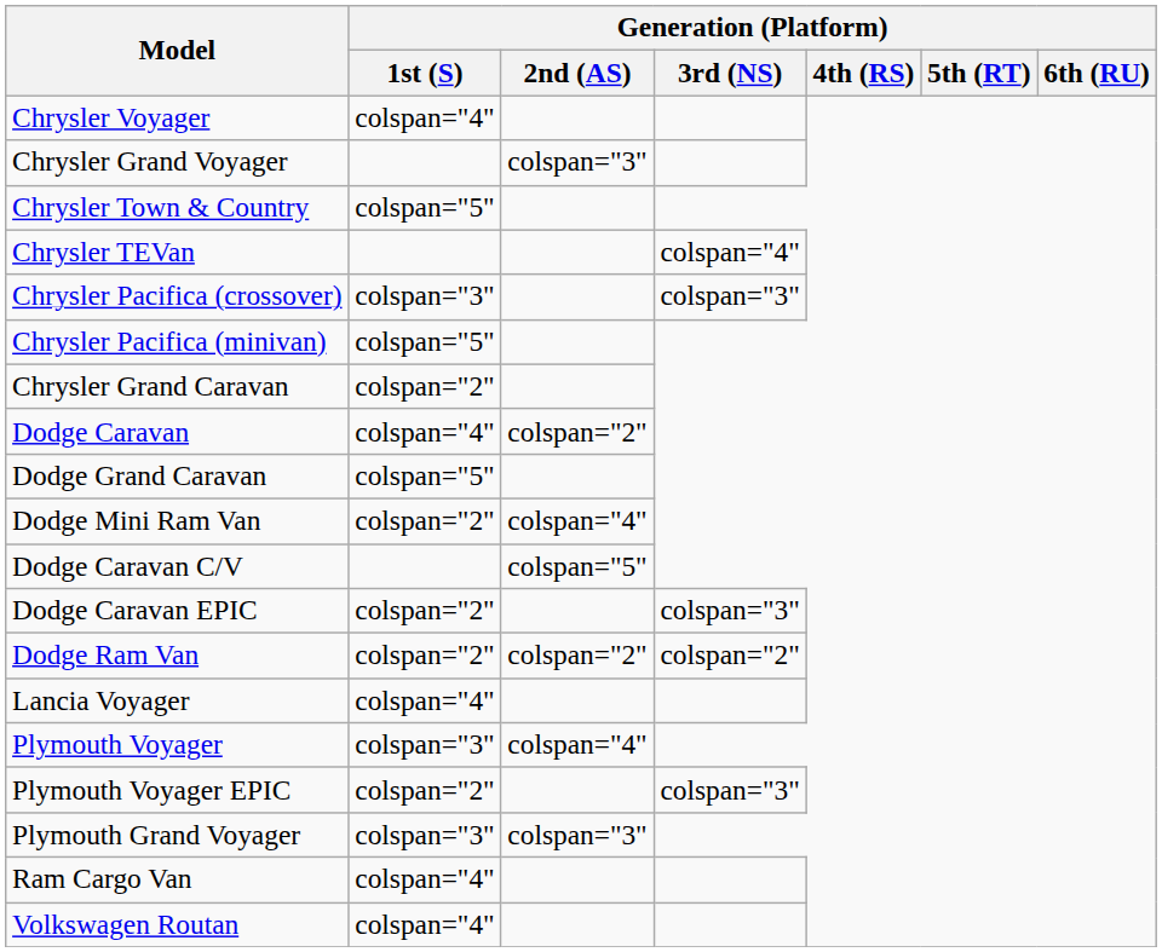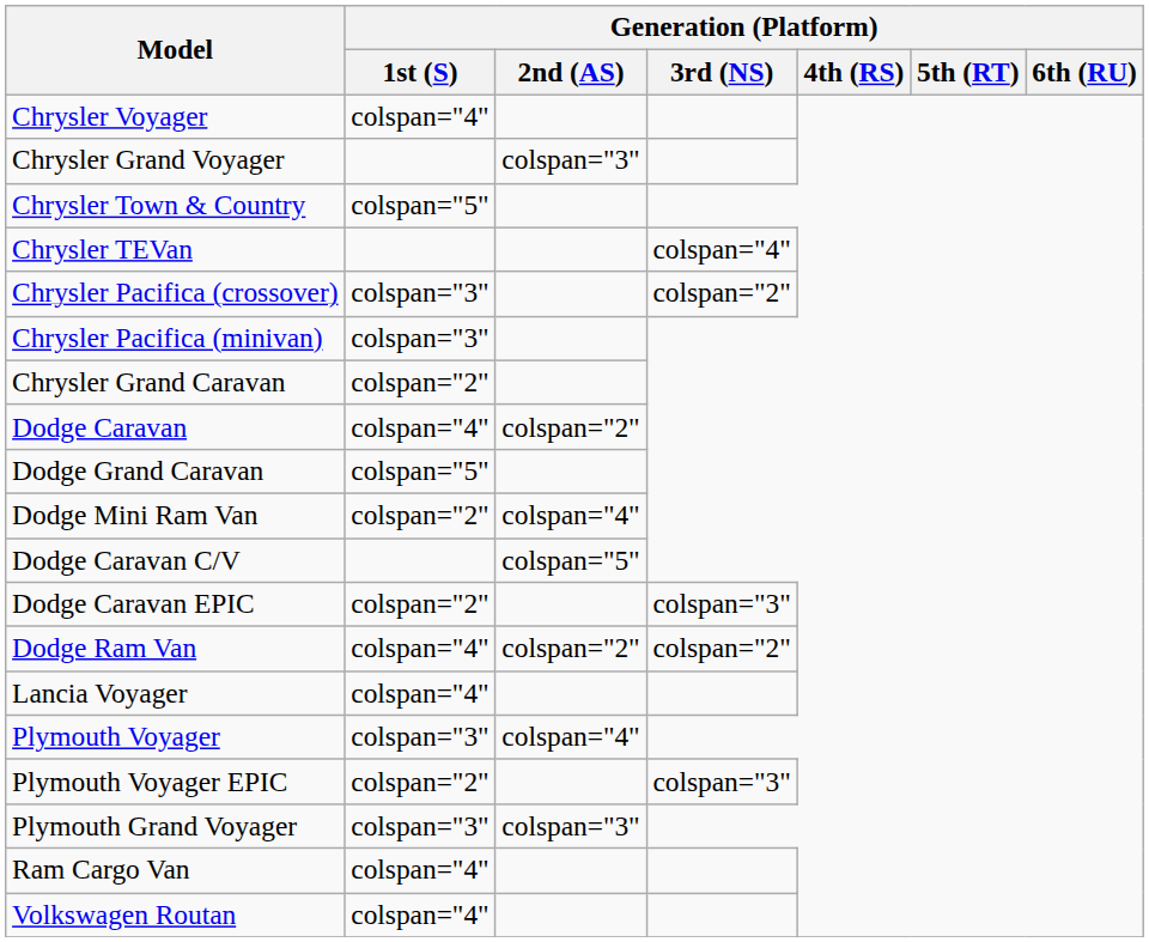 <table class="wikitable sortable">
 <tr>
 <th rowspan="2">Model</th>
 <th colspan="6">Generation (Platform)</th>
 </tr>
 <tr>
 <th>1st (<a href='#'>S</a>)</th>
 <th>2nd (<a href='#'>AS</a>)</th>
 <th>3rd (<a href='#'>NS</a>)</th>
 <th>4th (<a href='#'>RS</a>)</th>
 <th>5th (<a href='#'>RT</a>)</th>
 <th>6th (<a href='#'>RU</a>)</th>
 </tr>
 <tr>
 <td><a href='#'>Chrysler Voyager</a></td>
 <td>colspan="4" </td>
 <td></td>
 <td></td>
 </tr>
 <tr>
 <td>Chrysler Grand Voyager</td>
 <td></td>
 <td>colspan="3" </td>
 <td></td>
 </tr>
 <tr>
 <td><a href='#'>Chrysler Town & Country</a></td>
 <td>colspan="5" </td>
 <td></td>
 </tr>
 <tr>
 <td><a href='#'>Chrysler TEVan</a></td>
 <td></td>
 <td></td>
 <td>colspan="4" </td>
 </tr>
 <tr>
 <td><a href='#'>Chrysler Pacifica (crossover)</a></td>
 <td>colspan="3" </td>
 <td></td>
-<td>colspan="3" </td>
+<td>colspan="2" </td>
 </tr>
 <tr>
 <td><a href='#'>Chrysler Pacifica (minivan)</a></td>
-<td>colspan="5" </td>
+<td>colspan="3" </td>
 <td></td>
 </tr>
 <tr>
 <td>Chrysler Grand Caravan</td>
 <td>colspan="2" </td>
 <td></td>
 </tr>
 <tr>
 <td><a href='#'>Dodge Caravan</a></td>
 <td>colspan="4" </td>
 <td>colspan="2" </td>
 </tr>
 <tr>
 <td>Dodge Grand Caravan</td>
 <td>colspan="5" </td>
 <td></td>
 </tr>
 <tr>
 <td>Dodge Mini Ram Van</td>
 <td>colspan="2" </td>
 <td>colspan="4" </td>
 </tr>
 <tr>
 <td>Dodge Caravan C/V</td>
 <td></td>
 <td>colspan="5" </td>
 </tr>
 <tr>
 <td>Dodge Caravan EPIC</td>
 <td>colspan="2" </td>
 <td></td>
 <td>colspan="3" </td>
 </tr>
 <tr>
 <td><a href='#'>Dodge Ram Van</a></td>
-<td>colspan="2" </td>
+<td>colspan="4" </td>
 <td>colspan="2" </td>
 <td>colspan="2" </td>
 </tr>
 <tr>
 <td>Lancia Voyager</td>
 <td>colspan="4" </td>
 <td></td>
 <td></td>
 </tr>
 <tr>
 <td><a href='#'>Plymouth Voyager</a></td>
 <td>colspan="3" </td>
 <td>colspan="4" </td>
 </tr>
 <tr>
 <td>Plymouth Voyager EPIC</td>
 <td>colspan="2" </td>
 <td></td>
 <td>colspan="3" </td>
 </tr>
 <tr>
 <td>Plymouth Grand Voyager</td>
 <td>colspan="3" </td>
 <td>colspan="3" </td>
 </tr>
 <tr>
 <td>Ram Cargo Van</td>
 <td>colspan="4" </td>
 <td></td>
 <td></td>
 </tr>
 <tr>
 <td><a href='#'>Volkswagen Routan</a></td>
 <td>colspan="4" </td>
 <td></td>
 <td></td>
 </tr>
 </table>
